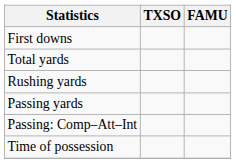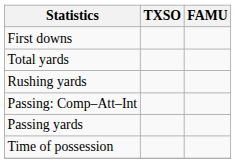 <table class="wikitable" style="float: left;">
 <tr>
 <th>Statistics</th>
 <th>TXSO</th>
 <th>FAMU</th>
 </tr>
 <tr>
 <td>First downs</td>
 <td></td>
 <td></td>
 </tr>
 <tr>
 <td>Total yards</td>
 <td></td>
 <td></td>
 </tr>
 <tr>
 <td>Rushing yards</td>
 <td></td>
 <td></td>
 </tr>
 <tr>
-<td>Passing yards</td>
+<td>Passing: Comp–Att–Int</td>
 <td></td>
 <td></td>
 </tr>
 <tr>
-<td>Passing: Comp–Att–Int</td>
+<td>Passing yards</td>
 <td></td>
 <td></td>
 </tr>
 <tr>
 <td>Time of possession</td>
 <td></td>
 <td></td>
 </tr>
 <tr>
 </tr>
 </table>
